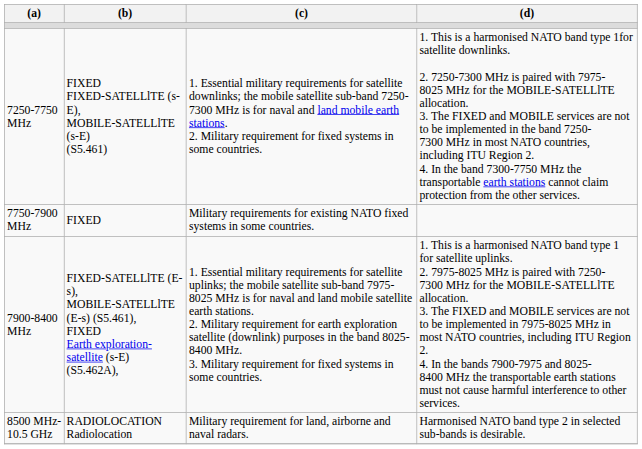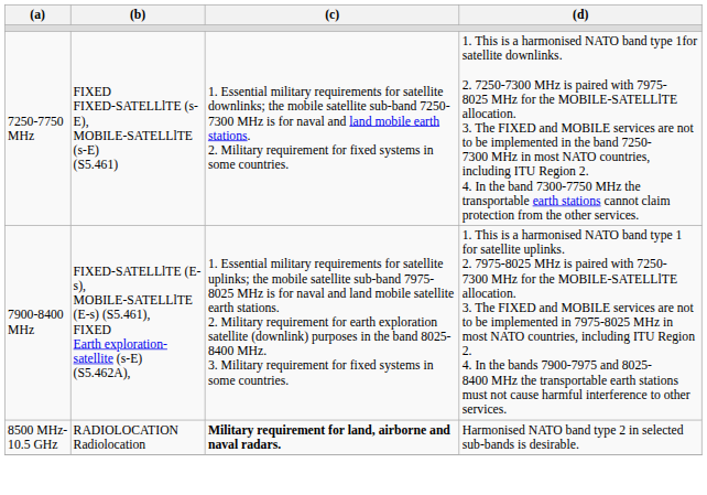 <table class="wikitable">
 <tr align="center">
 <th>(a)</th>
 <th>(b)</th>
 <th>(c)</th>
 <th>(d)</th>
 </tr>
 <tr align="center">
 <td colspan="4" bgcolor="DCDCDC"></td>
 </tr>
 <tr 7250>
 <td>7250-7750<br>MHz</td>
 <td>FIXED<br>FIXED-SATELLlTE (s-E), <br>MOBILE-SATELLlTE (s-E) <br>(S5.461)</td>
 <td>1. Essential military requirements for satellite downlinks; the mobile satellite sub-band 7250-7300 MHz is for naval and <a href='#'>land mobile earth stations</a>.<br>2. Military requirement for fixed systems in some countries.</td>
 <td>1. This is a harmonised NATO band type 1for satellite downlinks.<br><br>2. 7250-7300 MHz is paired with 7975-8025 MHz for the MOBILE-SATELLlTE allocation.<br>3. The FIXED and MOBILE services are not to be implemented in the band 7250-7300 MHz in most NATO countries, including ITU Region 2.<br>4. In the band 7300-7750 MHz the transportable <a href='#'>earth stations</a> cannot claim protection from the other services.</td>
 </tr>
-<tr 7750>
-<td>7750-7900<br>MHz</td>
-<td>FIXED</td>
-<td>Military requirements for existing NATO fixed systems in some countries.</td>
-<td></td>
-</tr>
 <tr>
 <td>7900-8400<br>MHz</td>
 <td>FIXED-SATELLlTE (E-s),<br>MOBILE-SATELLlTE (E-s) (S5.461), <br>FIXED<br><a href='#'>Earth exploration-satellite</a> (s-E)<br> (S5.462A),<br></td>
 <td>1. Essential military requirements for satellite uplinks; the mobile satellite sub-band 7975-8025 MHz is for naval and land mobile satellite earth stations. <br>2. Military requirement for earth exploration satellite (downlink) purposes in the band 8025-8400 MHz. <br>3. Military requirement for fixed systems in some countries.</td>
 <td>1. This is a harmonised NATO band type 1 for satellite uplinks. <br>2. 7975-8025 MHz is paired with 7250-7300 MHz for the MOBILE-SATELLlTE allocation. <br>3. The FIXED and MOBILE services are not to be implemented in 7975-8025 MHz in most NATO countries, including ITU Region 2.<br>4. In the bands 7900-7975 and 8025-8400 MHz the transportable earth stations must not cause harmful interference to other services.</td>
 </tr>
 <tr>
 <td>8500 MHz-<br>10.5 GHz <br></td>
 <td>RADIOLOCATION <br>Radiolocation</td>
-<td>Military requirement for land, airborne and naval radars.</td>
+<td><strong>Military requirement for land, airborne and naval radars.</strong></td>
 <td>Harmonised NATO band type 2 in selected sub-bands is desirable.</td>
 </tr>
 <tr>
 </tr>
 </table>
